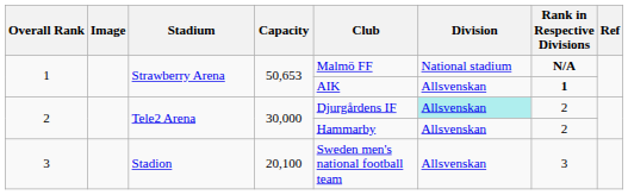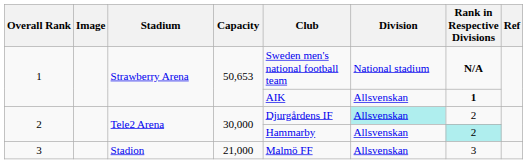 <table class="wikitable sortable">
 <tr>
 <th>Overall Rank</th>
 <th>Image</th>
 <th width=145>Stadium</th>
 <th width=65>Capacity</th>
 <th width=120>Club</th>
 <th width=130>Division</th>
 <th width=30>Rank in Respective Divisions</th>
 <th>Ref</th>
 </tr>
 <tr>
 <td style="text-align:center;" rowspan="2">1</td>
 <td rowspan="2"></td>
 <td rowspan="2"><a href='#'>Strawberry Arena</a></td>
 <td style="text-align:center;" rowspan="2">50,653</td>
-<td><a href='#'>Malmö FF</a></td>
+<td><a href='#'>Sweden men's national football team</a></td>
 <td><a href='#'>National stadium</a></td>
 <td style="text-align:center;"><strong>N/A</strong></td>
 <td rowspan="2"></td>
 </tr>
 <tr>
 <td><a href='#'>AIK</a></td>
 <td><a href='#'>Allsvenskan</a></td>
 <td style="text-align:center;"><strong>1</strong></td>
 </tr>
 <tr>
 <td style="text-align:center;" rowspan="2">2</td>
 <td rowspan="2"></td>
 <td rowspan="2"><a href='#'>Tele2 Arena</a></td>
 <td style="text-align:center;" rowspan="2">30,000</td>
 <td><a href='#'>Djurgårdens IF</a></td>
 <td style="background: paleturquoise;"><a href='#'>Allsvenskan</a></td>
 <td style="text-align:center;">2</td>
 <td rowspan="2"></td>
 </tr>
 <tr>
 <td><a href='#'>Hammarby</a></td>
 <td><a href='#'>Allsvenskan</a></td>
-<td style="text-align:center;">2</td>
+<td style="background: paleturquoise; text-align:center;">2</td>
 </tr>
 <tr>
 <td style="text-align:center;">3</td>
 <td></td>
 <td><a href='#'>Stadion</a></td>
-<td style="text-align:center;">20,100</td>
-<td><a href='#'>Sweden men's national football team</a></td>
+<td style="text-align:center;">21,000</td>
+<td><a href='#'>Malmö FF</a></td>
 <td><a href='#'>Allsvenskan</a></td>
 <td style="text-align:center;">3</td>
 <td></td>
 </tr>
 </table>
